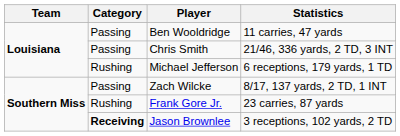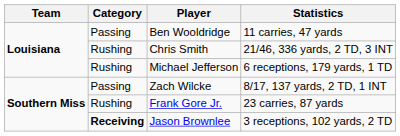 <table class="wikitable" style="float: left;">
 <tr>
 <th>Team</th>
 <th>Category</th>
 <th>Player</th>
 <th>Statistics</th>
 </tr>
 <tr>
 <td rowspan=3><strong>Louisiana</strong></td>
 <td>Passing</td>
 <td>Ben Wooldridge</td>
 <td>11 carries, 47 yards</td>
 </tr>
 <tr>
-<td>Passing</td>
+<td>Rushing</td>
 <td>Chris Smith</td>
 <td>21/46, 336 yards, 2 TD, 3 INT</td>
 </tr>
 <tr>
 <td>Rushing</td>
 <td>Michael Jefferson</td>
 <td>6 receptions, 179 yards, 1 TD</td>
 </tr>
 <tr>
 <td rowspan=3><strong>Southern Miss</strong></td>
 <td>Passing</td>
 <td>Zach Wilcke</td>
 <td>8/17, 137 yards, 2 TD, 1 INT</td>
 </tr>
 <tr>
 <td>Rushing</td>
 <td><a href='#'>Frank Gore Jr.</a></td>
 <td>23 carries, 87 yards</td>
 </tr>
 <tr>
 <td><strong>Receiving</strong></td>
 <td><a href='#'>Jason Brownlee</a></td>
 <td>3 receptions, 102 yards, 2 TD</td>
 </tr>
 </table>
